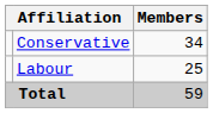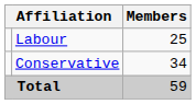 <table class="wikitable">
 <tr>
 <th colspan="2">Affiliation</th>
 <th>Members</th>
 </tr>
 <tr>
 <td></td>
-<td><a href='#'>Conservative</a></td>
-<td style="text-align:right;">34</td>
+<td><a href='#'>Labour</a></td>
+<td style="text-align:right;">25</td>
 </tr>
 <tr>
 <td></td>
-<td><a href='#'>Labour</a></td>
-<td style="text-align:right;">25</td>
+<td><a href='#'>Conservative</a></td>
+<td style="text-align:right;">34</td>
 </tr>
 <tr style="background:#ccc;">
 <td colspan="2"> <strong>Total</strong></td>
 <td style="text-align:right;">59</td>
 </tr>
 </table>
